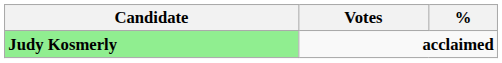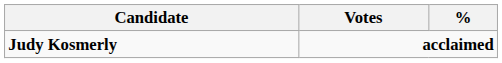 <table style="width:475px;" class="wikitable">
 <tr>
 <th align="center">Candidate</th>
 <th align="center">Votes</th>
 <th align="center">%</th>
 </tr>
 <tr>
-<td align="left" style="background: lightgreen;"><strong>Judy Kosmerly</strong></td>
+<td align="left"><strong>Judy Kosmerly</strong></td>
 <td align="right" colspan="2"><strong>acclaimed</strong></td>
 </tr>
 </table>
